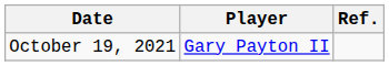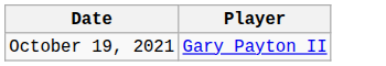 <table class="wikitable sortable sortable" style="text-align: center">
 <tr>
 <th>Date</th>
 <th>Player</th>
-<th>Ref.</th>
 </tr>
 <tr>
 <td>October 19, 2021</td>
 <td><a href='#'>Gary Payton II</a></td>
-<td></td>
 </tr>
 </table>
